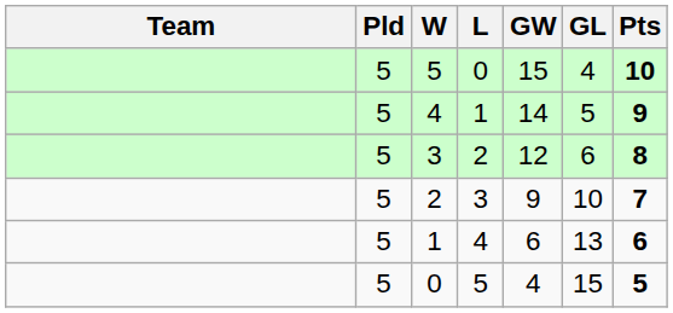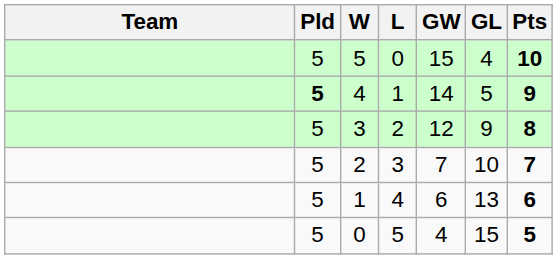 <table class="wikitable" style="text-align:center">
 <tr>
 <th width=200>Team</th>
 <th width=20>Pld</th>
 <th width=20>W</th>
 <th width=20>L</th>
 <th width=20>GW</th>
 <th width=20>GL</th>
 <th width=20>Pts</th>
 </tr>
 <tr bgcolor="ccffcc">
 <td style="text-align:left;"></td>
 <td>5</td>
 <td>5</td>
 <td>0</td>
 <td>15</td>
 <td>4</td>
 <td><strong>10</strong></td>
 </tr>
 <tr bgcolor="ccffcc">
 <td style="text-align:left;"></td>
-<td>5</td>
+<td><strong>5</strong></td>
 <td>4</td>
 <td>1</td>
 <td>14</td>
 <td>5</td>
 <td><strong>9</strong></td>
 </tr>
 <tr bgcolor="ccffcc">
 <td style="text-align:left;"></td>
 <td>5</td>
 <td>3</td>
 <td>2</td>
 <td>12</td>
-<td>6</td>
+<td>9</td>
 <td><strong>8</strong></td>
 </tr>
 <tr>
 <td style="text-align:left;"></td>
 <td>5</td>
 <td>2</td>
 <td>3</td>
-<td>9</td>
+<td>7</td>
 <td>10</td>
 <td><strong>7</strong></td>
 </tr>
 <tr>
 <td style="text-align:left;"></td>
 <td>5</td>
 <td>1</td>
 <td>4</td>
 <td>6</td>
 <td>13</td>
 <td><strong>6</strong></td>
 </tr>
 <tr>
 <td style="text-align:left;"></td>
 <td>5</td>
 <td>0</td>
 <td>5</td>
 <td>4</td>
 <td>15</td>
 <td><strong>5</strong></td>
 </tr>
 </table>
